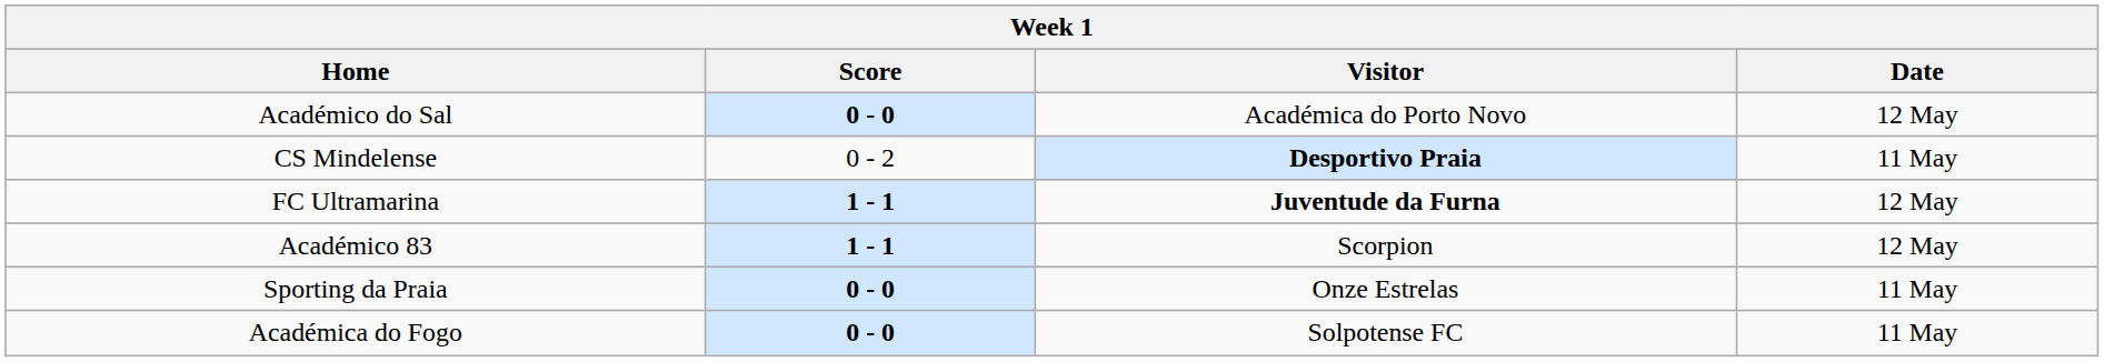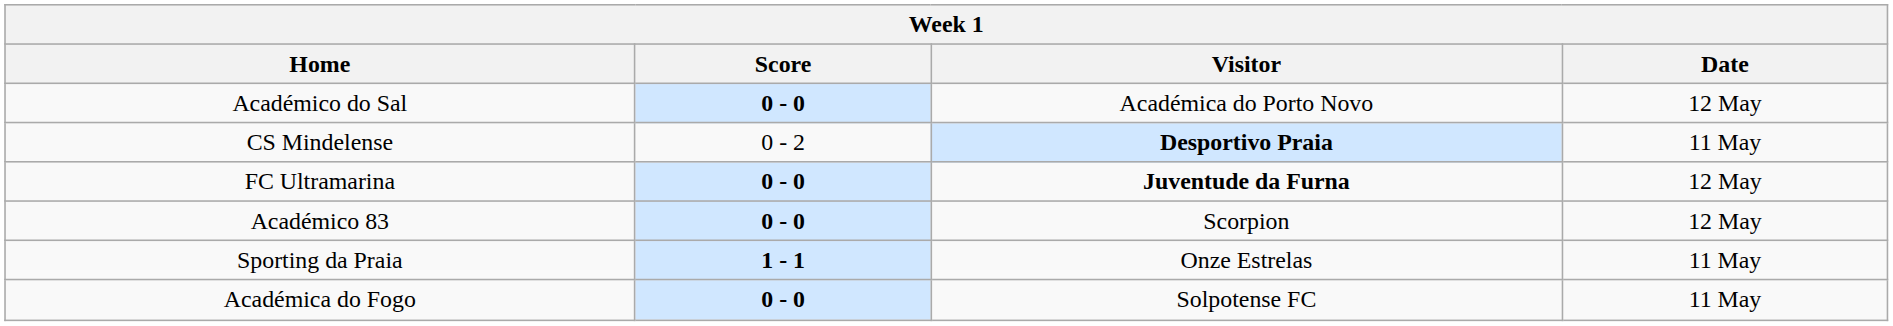 <table class="wikitable" style="font-size:95%; text-align: center; width: 95%; margin:1em auto;">
 <tr>
 <th colspan="12" style="with: 100%;">Week 1</th>
 </tr>
 <tr>
 <th width="200">Home</th>
 <th width="90">Score</th>
 <th width="200">Visitor</th>
 <th width="100">Date</th>
 </tr>
 <tr>
 <td>Académico do Sal</td>
 <td bgcolor=#D0E7FF><strong>0 - 0</strong></td>
 <td>Académica do Porto Novo</td>
 <td>12 May</td>
 </tr>
 <tr>
 <td>CS Mindelense</td>
 <td>0 - 2</td>
 <td bgcolor=#D0E7FF><strong>Desportivo Praia</strong></td>
 <td>11 May</td>
 </tr>
 <tr>
 <td>FC Ultramarina</td>
-<td bgcolor=#D0E7FF><strong>1 - 1</strong></td>
+<td bgcolor=#D0E7FF><strong>0 - 0</strong></td>
 <td><strong>Juventude da Furna</strong></td>
 <td>12 May</td>
 </tr>
 <tr>
 <td>Académico 83</td>
-<td bgcolor=#D0E7FF><strong>1 - 1</strong></td>
+<td bgcolor=#D0E7FF><strong>0 - 0</strong></td>
 <td>Scorpion</td>
 <td>12 May</td>
 </tr>
 <tr>
 <td>Sporting da Praia</td>
-<td bgcolor=#D0E7FF><strong>0 - 0</strong></td>
+<td bgcolor=#D0E7FF><strong>1 - 1</strong></td>
 <td>Onze Estrelas</td>
 <td>11 May</td>
 </tr>
 <tr>
 <td>Académica do Fogo</td>
 <td bgcolor=#D0E7FF><strong>0 - 0</strong></td>
 <td>Solpotense FC</td>
 <td>11 May</td>
 </tr>
 </table>
